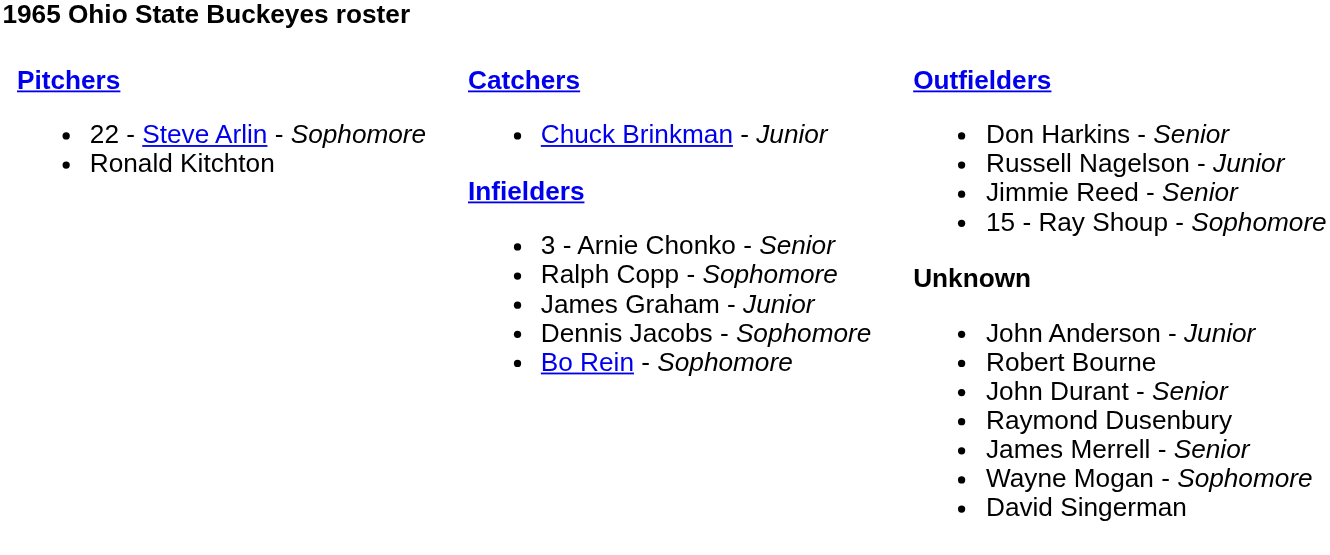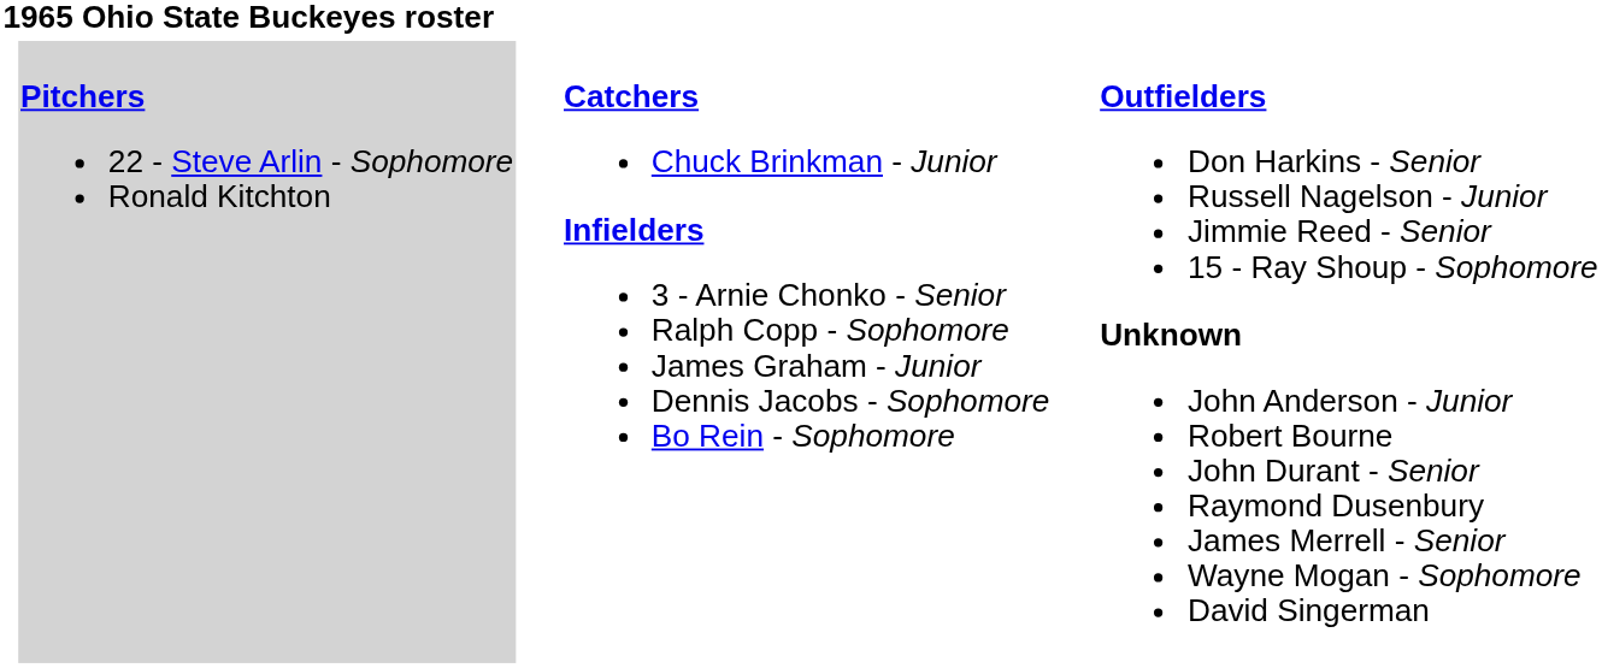 <table class="toccolours" style="text-align: left; font-size:90%;">
 <tr>
 <th colspan="9">1965 Ohio State Buckeyes roster</th>
 </tr>
 <tr>
 <td width="03"> </td>
-<td valign="top"><br><strong><a href='#'>Pitchers</a></strong><ul><li>22 - <a href='#'>Steve Arlin</a> - <em>Sophomore</em></li><li>Ronald Kitchton</li></ul></td>
+<td valign="top" style="background: lightgrey;"><br><strong><a href='#'>Pitchers</a></strong><ul><li>22 - <a href='#'>Steve Arlin</a> - <em>Sophomore</em></li><li>Ronald Kitchton</li></ul></td>
 <td width="15"> </td>
 <td valign="top"><br><strong><a href='#'>Catchers</a></strong><ul><li><a href='#'>Chuck Brinkman</a> - <em>Junior</em></li></ul><strong><a href='#'>Infielders</a></strong><ul><li>3 - Arnie Chonko - <em>Senior</em></li><li>Ralph Copp - <em>Sophomore</em></li><li>James Graham - <em>Junior</em></li><li>Dennis Jacobs - <em>Sophomore </em></li><li><a href='#'>Bo Rein</a> - <em>Sophomore</em></li></ul></td>
 <td width="15"> </td>
 <td valign="top"><br><strong><a href='#'>Outfielders</a></strong><ul><li>Don Harkins - <em>Senior</em></li><li>Russell Nagelson - <em>Junior</em></li><li>Jimmie Reed - <em>Senior</em></li><li>15 - Ray Shoup - <em>Sophomore</em></li></ul><strong>Unknown</strong><ul><li>John Anderson - <em>Junior</em></li><li>Robert Bourne</li><li>John Durant - <em>Senior</em></li><li>Raymond Dusenbury</li><li>James Merrell - <em>Senior</em></li><li>Wayne Mogan - <em>Sophomore</em></li><li>David Singerman</li></ul></td>
 </tr>
 </table>
